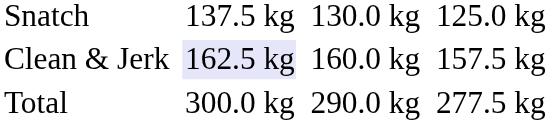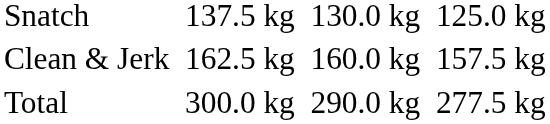 <table>
 <tr>
 <td>Snatch</td>
 <td></td>
 <td>137.5 kg</td>
 <td></td>
 <td>130.0 kg</td>
 <td></td>
 <td>125.0 kg</td>
 </tr>
 <tr>
 <td>Clean & Jerk</td>
 <td></td>
-<td style="background: lavender;">162.5 kg</td>
+<td>162.5 kg</td>
 <td></td>
 <td>160.0 kg</td>
 <td></td>
 <td>157.5 kg</td>
 </tr>
 <tr>
 <td>Total</td>
 <td></td>
 <td>300.0 kg</td>
 <td></td>
 <td>290.0 kg</td>
 <td></td>
 <td>277.5 kg</td>
 </tr>
 </table>
